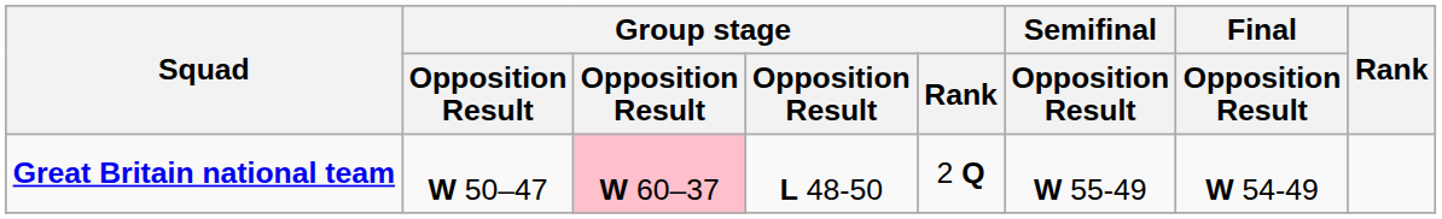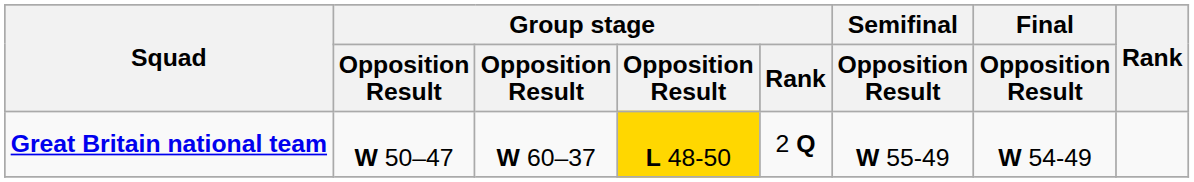 <table class=wikitable style="font-size:90%">
 <tr>
 <th rowspan="2">Squad</th>
 <th colspan="4">Group stage</th>
 <th>Semifinal</th>
 <th>Final</th>
 <th rowspan="2">Rank</th>
 </tr>
 <tr>
 <th>Opposition<br>Result</th>
 <th>Opposition<br>Result</th>
 <th>Opposition<br>Result</th>
 <th>Rank</th>
 <th>Opposition<br>Result</th>
 <th>Opposition<br>Result</th>
 </tr>
 <tr align=center>
 <td align=left><strong><a href='#'>Great Britain national team</a></strong></td>
 <td><br> <strong>W</strong> 50–47</td>
-<td style="background: pink;"><br> <strong>W</strong> 60–37</td>
-<td><br> <strong>L</strong> 48-50</td>
+<td><br> <strong>W</strong> 60–37</td>
+<td style="background: gold;"><br> <strong>L</strong> 48-50</td>
 <td>2 <strong>Q</strong></td>
 <td><br> <strong>W</strong> 55-49</td>
 <td><br> <strong>W</strong> 54-49</td>
 <td></td>
 </tr>
 </table>
